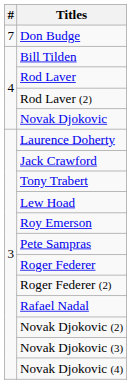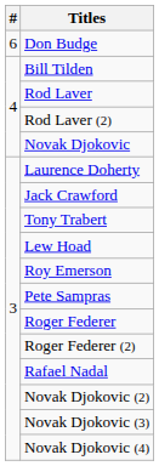 <table class=wikitable style="display:inline-table;">
 <tr>
 <th>#</th>
 <th>Titles</th>
 </tr>
 <tr>
-<td>7</td>
+<td>6</td>
 <td> <a href='#'>Don Budge</a></td>
 </tr>
 <tr>
 <td rowspan="4">4</td>
 <td> <a href='#'>Bill Tilden</a></td>
 </tr>
 <tr>
 <td> <a href='#'>Rod Laver</a></td>
 </tr>
 <tr>
 <td> Rod Laver <small>(2)</small></td>
 </tr>
 <tr>
 <td> <a href='#'>Novak Djokovic</a></td>
 </tr>
 <tr>
 <td rowspan="12">3</td>
 <td> <a href='#'>Laurence Doherty</a></td>
 </tr>
 <tr>
 <td> <a href='#'>Jack Crawford</a></td>
 </tr>
 <tr>
 <td> <a href='#'>Tony Trabert</a></td>
 </tr>
 <tr>
 <td> <a href='#'>Lew Hoad</a></td>
 </tr>
 <tr>
 <td> <a href='#'>Roy Emerson</a></td>
 </tr>
 <tr>
 <td> <a href='#'>Pete Sampras</a></td>
 </tr>
 <tr>
 <td> <a href='#'>Roger Federer</a></td>
 </tr>
 <tr>
 <td> Roger Federer <small>(2)</small></td>
 </tr>
 <tr>
 <td> <a href='#'>Rafael Nadal</a></td>
 </tr>
 <tr>
 <td> Novak Djokovic <small>(2)</small></td>
 </tr>
 <tr>
 <td> Novak Djokovic <small>(3)</small></td>
 </tr>
 <tr>
 <td> Novak Djokovic <small>(4)</small></td>
 </tr>
 </table>
